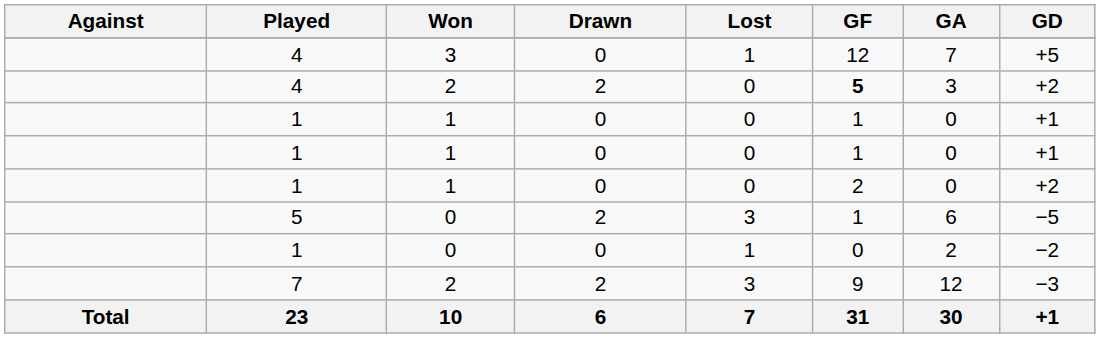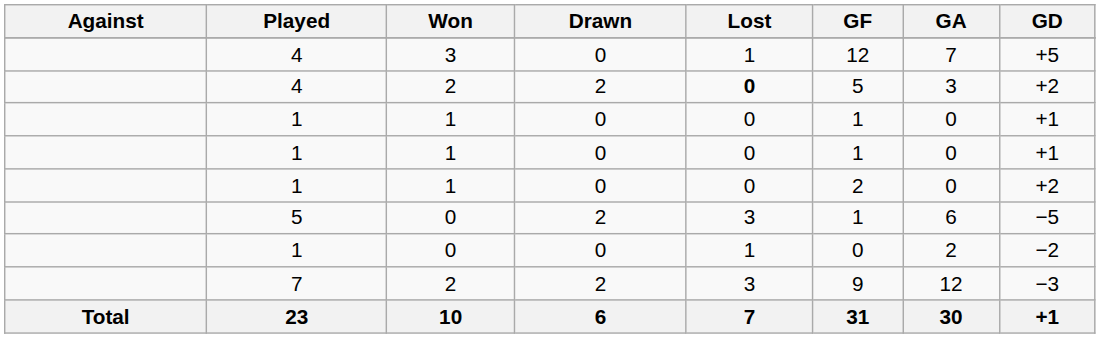 <table class="sortable wikitable" style="width:60%; font-size:90%; text-align:center;">
 <tr>
 <th>Against</th>
 <th>Played</th>
 <th>Won</th>
 <th>Drawn</th>
 <th>Lost</th>
 <th>GF</th>
 <th>GA</th>
 <th>GD</th>
 </tr>
 <tr bgcolor="#d0ffd0" align="center">
 </tr>
 <tr>
 <td align=left></td>
 <td>4</td>
 <td>3</td>
 <td>0</td>
 <td>1</td>
 <td>12</td>
 <td>7</td>
 <td>+5</td>
 </tr>
 <tr>
 <td align=left></td>
 <td>4</td>
 <td>2</td>
 <td>2</td>
-<td>0</td>
-<td><strong>5</strong></td>
+<td><strong>0</strong></td>
+<td>5</td>
 <td>3</td>
 <td>+2</td>
 </tr>
 <tr>
 <td align=left></td>
 <td>1</td>
 <td>1</td>
 <td>0</td>
 <td>0</td>
 <td>1</td>
 <td>0</td>
 <td>+1</td>
 </tr>
 <tr>
 <td align=left></td>
 <td>1</td>
 <td>1</td>
 <td>0</td>
 <td>0</td>
 <td>1</td>
 <td>0</td>
 <td>+1</td>
 </tr>
 <tr>
 <td align=left></td>
 <td>1</td>
 <td>1</td>
 <td>0</td>
 <td>0</td>
 <td>2</td>
 <td>0</td>
 <td>+2</td>
 </tr>
 <tr>
 <td align=left></td>
 <td>5</td>
 <td>0</td>
 <td>2</td>
 <td>3</td>
 <td>1</td>
 <td>6</td>
 <td>−5</td>
 </tr>
 <tr>
 <td align=left></td>
 <td>1</td>
 <td>0</td>
 <td>0</td>
 <td>1</td>
 <td>0</td>
 <td>2</td>
 <td>−2</td>
 </tr>
 <tr>
 <td align=left></td>
 <td>7</td>
 <td>2</td>
 <td>2</td>
 <td>3</td>
 <td>9</td>
 <td>12</td>
 <td>−3</td>
 </tr>
 <tr class="sortbottom">
 <th>Total</th>
 <th>23</th>
 <th>10</th>
 <th>6</th>
 <th>7</th>
 <th>31</th>
 <th>30</th>
 <th>+1</th>
 </tr>
 </table>
